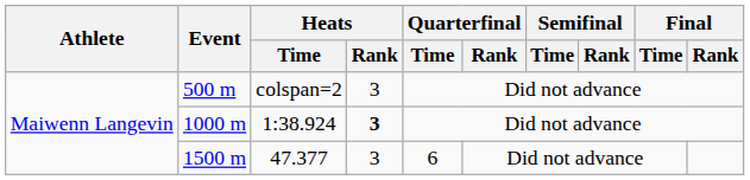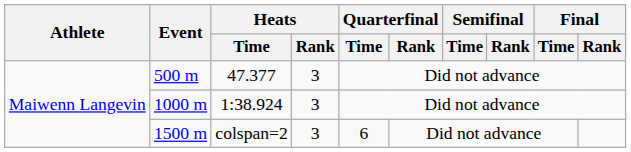 <table class="wikitable" style="font-size:90%">
 <tr>
 <th rowspan=2>Athlete</th>
 <th rowspan=2>Event</th>
 <th colspan=2>Heats</th>
 <th colspan=2>Quarterfinal</th>
 <th colspan=2>Semifinal</th>
 <th colspan=2>Final</th>
 </tr>
 <tr style="font-size:95%">
 <th>Time</th>
 <th>Rank</th>
 <th>Time</th>
 <th>Rank</th>
 <th>Time</th>
 <th>Rank</th>
 <th>Time</th>
 <th>Rank</th>
 </tr>
 <tr align=center>
 <td align=left rowspan=3><a href='#'>Maiwenn Langevin</a></td>
 <td align=left><a href='#'>500 m</a></td>
-<td>colspan=2</td>
+<td>47.377</td>
 <td>3</td>
 <td colspan=6>Did not advance</td>
 </tr>
 <tr align=center>
 <td align=left><a href='#'>1000 m</a></td>
 <td>1:38.924</td>
-<td><strong>3</strong></td>
+<td>3</td>
 <td colspan=6>Did not advance</td>
 </tr>
 <tr align=center>
 <td align=left><a href='#'>1500 m</a></td>
-<td>47.377</td>
+<td>colspan=2</td>
 <td>3</td>
 <td>6</td>
 <td colspan=4>Did not advance</td>
 </tr>
 </table>
